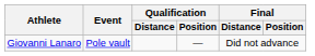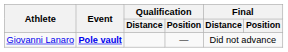 <table class=wikitable style="font-size:90%">
 <tr>
 <th rowspan="2">Athlete</th>
 <th rowspan="2">Event</th>
 <th colspan="2">Qualification</th>
 <th colspan="2">Final</th>
 </tr>
 <tr style="font-size:95%">
 <th>Distance</th>
 <th>Position</th>
 <th>Distance</th>
 <th>Position</th>
 </tr>
 <tr align=center>
 <td align=left><a href='#'>Giovanni Lanaro</a></td>
-<td align=left><a href='#'>Pole vault</a></td>
+<td align=left><strong><a href='#'>Pole vault</a></strong></td>
 <td></td>
 <td>—</td>
 <td colspan=2>Did not advance</td>
 </tr>
 </table>
